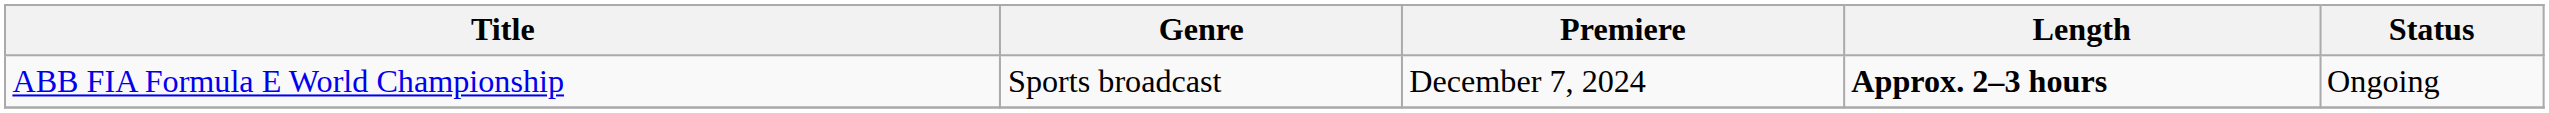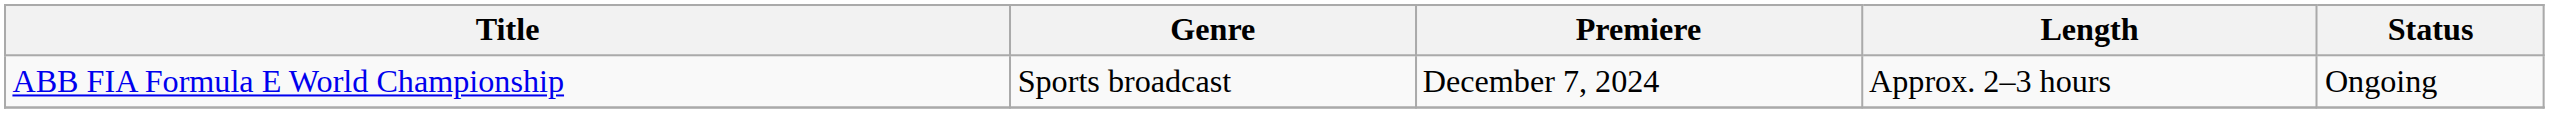 <table class="wikitable sortable" style="width:100%;">
 <tr>
 <th>Title</th>
 <th>Genre</th>
 <th>Premiere</th>
 <th>Length</th>
 <th>Status</th>
 </tr>
 <tr>
 <td><a href='#'>ABB FIA Formula E World Championship</a></td>
 <td>Sports broadcast</td>
 <td>December 7, 2024</td>
-<td><strong>Approx. 2–3 hours</strong></td>
+<td>Approx. 2–3 hours</td>
 <td>Ongoing</td>
 </tr>
 <tr>
 </tr>
 </table>
